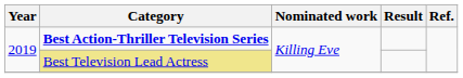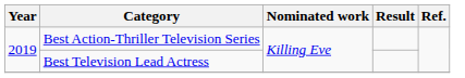 <table class="wikitable plainrowheaders">
 <tr>
 <th scope="col">Year</th>
 <th scope="col">Category</th>
 <th scope="col">Nominated work</th>
 <th scope="col">Result</th>
 <th scope="col">Ref.</th>
 </tr>
 <tr>
 <td rowspan="2"><a href='#'>2019</a></td>
-<td><strong><a href='#'>Best Action-Thriller Television Series</a></strong></td>
+<td><a href='#'>Best Action-Thriller Television Series</a></td>
 <td rowspan="2"><em><a href='#'>Killing Eve</a></em></td>
 <td></td>
 <td align="center" rowspan="2"></td>
 </tr>
 <tr>
-<td style="background: khaki;"><a href='#'>Best Television Lead Actress</a></td>
+<td><a href='#'>Best Television Lead Actress</a></td>
 <td></td>
 </tr>
 <tr>
 </tr>
 </table>
